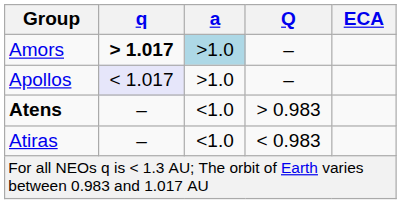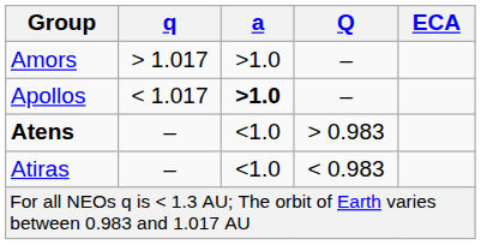 <table class="wikitable" style="width: 330px; text-align: center;">
 <tr>
 <th>Group</th>
 <th><a href='#'>q</a></th>
 <th><a href='#'>a</a></th>
 <th><a href='#'>Q</a></th>
 <th><a href='#'>ECA</a></th>
 </tr>
 <tr>
 <td align=left><a href='#'>Amors</a></td>
-<td><strong>> 1.017</strong></td>
-<td style="background: lightblue;">>1.0</td>
+<td>> 1.017</td>
+<td>>1.0</td>
 <td>–</td>
 <td></td>
 </tr>
 <tr>
 <td align=left><a href='#'>Apollos</a></td>
-<td style="background: lavender;">< 1.017</td>
-<td>>1.0</td>
+<td>< 1.017</td>
+<td><strong>>1.0</strong></td>
 <td>–</td>
 <td></td>
 </tr>
 <tr>
 <td align=left><strong>Atens</strong></td>
 <td>–</td>
 <td><1.0</td>
 <td>> 0.983</td>
 <td></td>
 </tr>
 <tr>
 <td align=left><a href='#'>Atiras</a></td>
 <td>–</td>
 <td><1.0</td>
 <td>< 0.983</td>
 <td></td>
 </tr>
 <tr>
 <th colspan=5 style="font-size: small; font-weight: normal; text-align: left;">For all NEOs q is < 1.3 AU; The orbit of <a href='#'>Earth</a> varies between 0.983 and 1.017 AU</th>
 </tr>
 </table>
